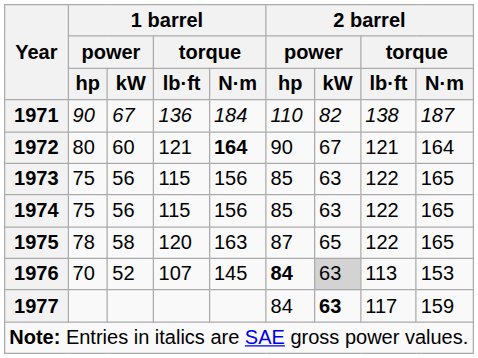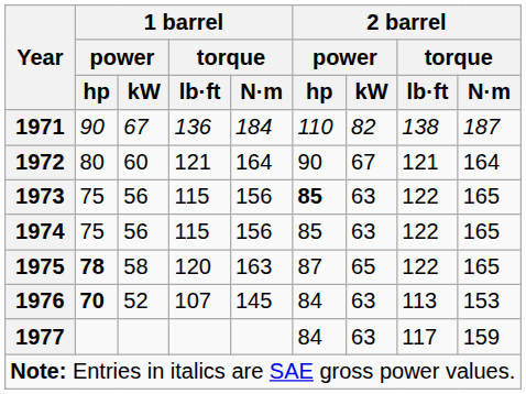 <table class=wikitable>
 <tr>
 <th rowspan=3>Year</th>
 <th colspan=4>1 barrel</th>
 <th colspan=4>2 barrel</th>
 </tr>
 <tr>
 <th colspan=2>power</th>
 <th colspan=2>torque</th>
 <th colspan=2>power</th>
 <th colspan=2>torque</th>
 </tr>
 <tr>
 <th>hp</th>
 <th>kW</th>
 <th>lb·ft</th>
 <th>N·m</th>
 <th>hp</th>
 <th>kW</th>
 <th>lb·ft</th>
 <th>N·m</th>
 </tr>
 <tr>
 <th>1971</th>
 <td><em>90</em></td>
 <td><em>67</em></td>
 <td><em>136</em></td>
 <td><em>184</em></td>
 <td><em>110</em></td>
 <td><em>82</em></td>
 <td><em>138</em></td>
 <td><em>187</em></td>
 </tr>
 <tr>
 <th>1972</th>
 <td>80</td>
 <td>60</td>
 <td>121</td>
-<td><strong>164</strong></td>
+<td>164</td>
 <td>90</td>
 <td>67</td>
 <td>121</td>
 <td>164</td>
 </tr>
 <tr>
 <th>1973</th>
 <td>75</td>
 <td>56</td>
 <td>115</td>
 <td>156</td>
-<td>85</td>
+<td><strong>85</strong></td>
 <td>63</td>
 <td>122</td>
 <td>165</td>
 </tr>
 <tr>
 <th>1974</th>
 <td>75</td>
 <td>56</td>
 <td>115</td>
 <td>156</td>
 <td>85</td>
 <td>63</td>
 <td>122</td>
 <td>165</td>
 </tr>
 <tr>
 <th>1975</th>
-<td>78</td>
+<td><strong>78</strong></td>
 <td>58</td>
 <td>120</td>
 <td>163</td>
 <td>87</td>
 <td>65</td>
 <td>122</td>
 <td>165</td>
 </tr>
 <tr>
 <th>1976</th>
-<td>70</td>
+<td><strong>70</strong></td>
 <td>52</td>
 <td>107</td>
 <td>145</td>
-<td><strong>84</strong></td>
-<td style="background: lightgrey;">63</td>
+<td>84</td>
+<td>63</td>
 <td>113</td>
 <td>153</td>
 </tr>
 <tr>
 <th>1977</th>
 <td></td>
 <td></td>
 <td></td>
 <td></td>
 <td>84</td>
-<td><strong>63</strong></td>
+<td>63</td>
 <td>117</td>
 <td>159</td>
 </tr>
 <tr>
 <td colspan=9><strong>Note:</strong> Entries in italics are <a href='#'>SAE</a> gross power values.</td>
 </tr>
 </table>
